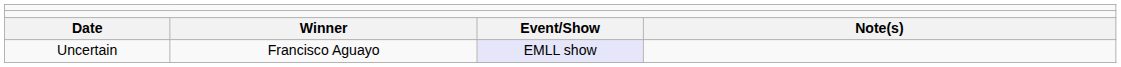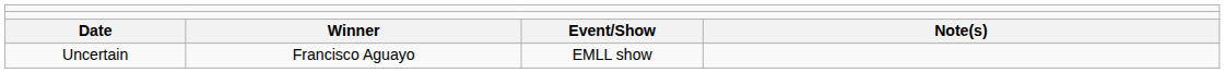 <table class="wikitable" style="text-align:center; width:100%;">
 <tr>
 <td colspan=5></td>
 </tr>
 <tr>
 <td colspan=5><strong></strong></td>
 </tr>
 <tr>
 <th width=14%>Date</th>
 <th width=26%>Winner</th>
 <th width=14%>Event/Show</th>
 <th width=40%>Note(s)</th>
 </tr>
 <tr>
 <td>Uncertain</td>
 <td>Francisco Aguayo</td>
-<td style="background: lavender;">EMLL show</td>
+<td>EMLL show</td>
 <td align=left></td>
 </tr>
 </table>
